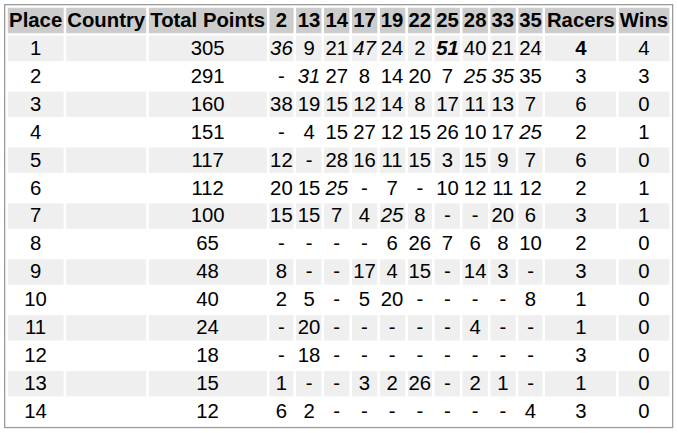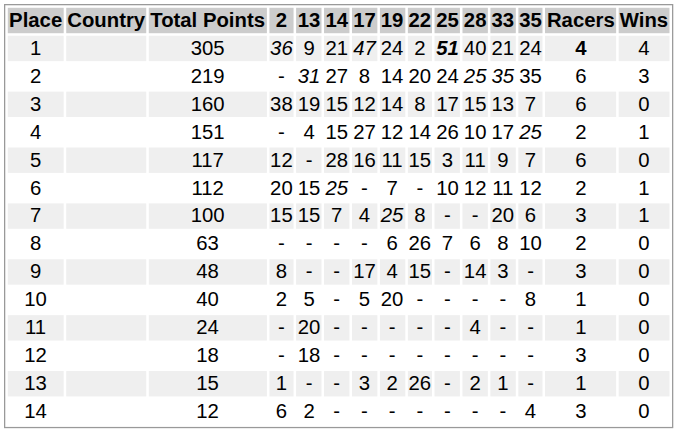 <table border="0" style="border: 1px solid #999; background-color:#FFFFFF; text-align:center">
 <tr align="center" bgcolor="#CCCCCC">
 <th>Place</th>
 <th>Country</th>
 <th>Total Points</th>
 <th>2</th>
 <th>13</th>
 <th>14</th>
 <th>17</th>
 <th>19</th>
 <th>22</th>
 <th>25</th>
 <th>28</th>
 <th>33</th>
 <th>35</th>
 <th>Racers</th>
 <th>Wins</th>
 </tr>
 <tr bgcolor="#EFEFEF">
 <td>1</td>
 <td align="left"></td>
 <td>305</td>
 <td><em>36</em></td>
 <td>9</td>
 <td>21</td>
 <td><em>47</em></td>
 <td>24</td>
 <td>2</td>
 <td><strong><em>51</em></strong></td>
 <td>40</td>
 <td>21</td>
 <td>24</td>
 <td><strong>4</strong></td>
 <td>4</td>
 </tr>
 <tr>
 <td>2</td>
 <td align="left"></td>
-<td>291</td>
+<td>219</td>
 <td>-</td>
 <td><em>31</em></td>
 <td>27</td>
 <td>8</td>
 <td>14</td>
 <td>20</td>
-<td>7</td>
+<td>24</td>
 <td><em>25</em></td>
 <td><em>35</em></td>
 <td>35</td>
-<td>3</td>
+<td>6</td>
 <td>3</td>
 </tr>
 <tr bgcolor="#EFEFEF">
 <td>3</td>
 <td align="left"></td>
 <td>160</td>
 <td>38</td>
 <td>19</td>
 <td>15</td>
 <td>12</td>
 <td>14</td>
 <td>8</td>
 <td>17</td>
-<td>11</td>
+<td>15</td>
 <td>13</td>
 <td>7</td>
 <td>6</td>
 <td>0</td>
 </tr>
 <tr>
 <td>4</td>
 <td align="left"></td>
 <td>151</td>
 <td>-</td>
 <td>4</td>
 <td>15</td>
 <td>27</td>
 <td>12</td>
-<td>15</td>
+<td>14</td>
 <td>26</td>
 <td>10</td>
 <td>17</td>
 <td><em>25</em></td>
 <td>2</td>
 <td>1</td>
 </tr>
 <tr bgcolor="#EFEFEF">
 <td>5</td>
 <td align="left"></td>
 <td>117</td>
 <td>12</td>
 <td>-</td>
 <td>28</td>
 <td>16</td>
 <td>11</td>
 <td>15</td>
 <td>3</td>
-<td>15</td>
+<td>11</td>
 <td>9</td>
 <td>7</td>
 <td>6</td>
 <td>0</td>
 </tr>
 <tr>
 <td>6</td>
 <td align="left"></td>
 <td>112</td>
 <td>20</td>
 <td>15</td>
 <td><em>25</em></td>
 <td>-</td>
 <td>7</td>
 <td>-</td>
 <td>10</td>
 <td>12</td>
 <td>11</td>
 <td>12</td>
 <td>2</td>
 <td>1</td>
 </tr>
 <tr bgcolor="#EFEFEF">
 <td>7</td>
 <td align="left"></td>
 <td>100</td>
 <td>15</td>
 <td>15</td>
 <td>7</td>
 <td>4</td>
 <td><em>25</em></td>
 <td>8</td>
 <td>-</td>
 <td>-</td>
 <td>20</td>
 <td>6</td>
 <td>3</td>
 <td>1</td>
 </tr>
 <tr>
 <td>8</td>
 <td align="left"></td>
-<td>65</td>
+<td>63</td>
 <td>-</td>
 <td>-</td>
 <td>-</td>
 <td>-</td>
 <td>6</td>
 <td>26</td>
 <td>7</td>
 <td>6</td>
 <td>8</td>
 <td>10</td>
 <td>2</td>
 <td>0</td>
 </tr>
 <tr bgcolor="#EFEFEF">
 <td>9</td>
 <td align="left"></td>
 <td>48</td>
 <td>8</td>
 <td>-</td>
 <td>-</td>
 <td>17</td>
 <td>4</td>
 <td>15</td>
 <td>-</td>
 <td>14</td>
 <td>3</td>
 <td>-</td>
 <td>3</td>
 <td>0</td>
 </tr>
 <tr>
 <td>10</td>
 <td align="left"></td>
 <td>40</td>
 <td>2</td>
 <td>5</td>
 <td>-</td>
 <td>5</td>
 <td>20</td>
 <td>-</td>
 <td>-</td>
 <td>-</td>
 <td>-</td>
 <td>8</td>
 <td>1</td>
 <td>0</td>
 </tr>
 <tr bgcolor="#EFEFEF">
 <td>11</td>
 <td align="left"></td>
 <td>24</td>
 <td>-</td>
 <td>20</td>
 <td>-</td>
 <td>-</td>
 <td>-</td>
 <td>-</td>
 <td>-</td>
 <td>4</td>
 <td>-</td>
 <td>-</td>
 <td>1</td>
 <td>0</td>
 </tr>
 <tr>
 <td>12</td>
 <td align="left"></td>
 <td>18</td>
 <td>-</td>
 <td>18</td>
 <td>-</td>
 <td>-</td>
 <td>-</td>
 <td>-</td>
 <td>-</td>
 <td>-</td>
 <td>-</td>
 <td>-</td>
 <td>3</td>
 <td>0</td>
 </tr>
 <tr bgcolor="#EFEFEF">
 <td>13</td>
 <td align="left"></td>
 <td>15</td>
 <td>1</td>
 <td>-</td>
 <td>-</td>
 <td>3</td>
 <td>2</td>
 <td>26</td>
 <td>-</td>
 <td>2</td>
 <td>1</td>
 <td>-</td>
 <td>1</td>
 <td>0</td>
 </tr>
 <tr>
 <td>14</td>
 <td align="left"></td>
 <td>12</td>
 <td>6</td>
 <td>2</td>
 <td>-</td>
 <td>-</td>
 <td>-</td>
 <td>-</td>
 <td>-</td>
 <td>-</td>
 <td>-</td>
 <td>4</td>
 <td>3</td>
 <td>0</td>
 </tr>
 </table>
